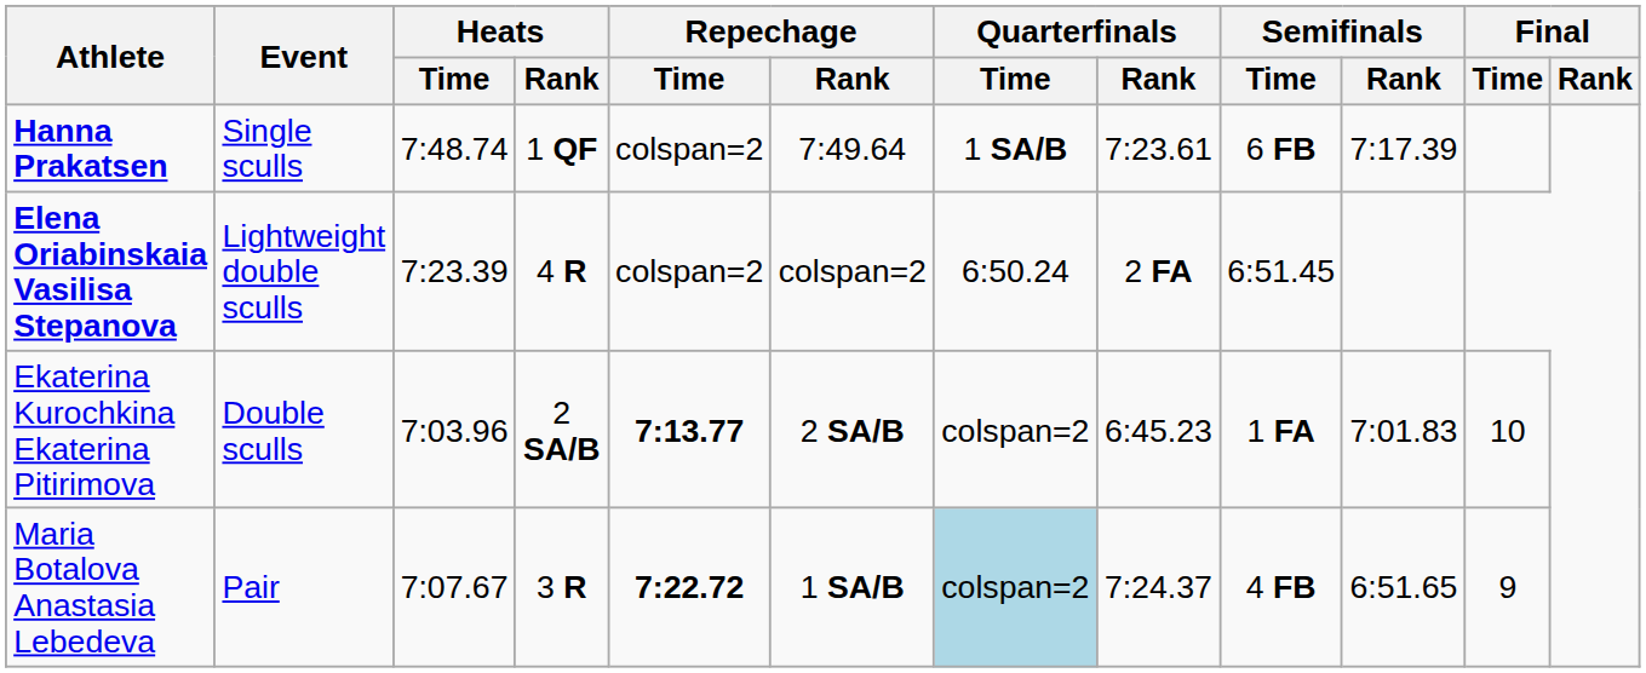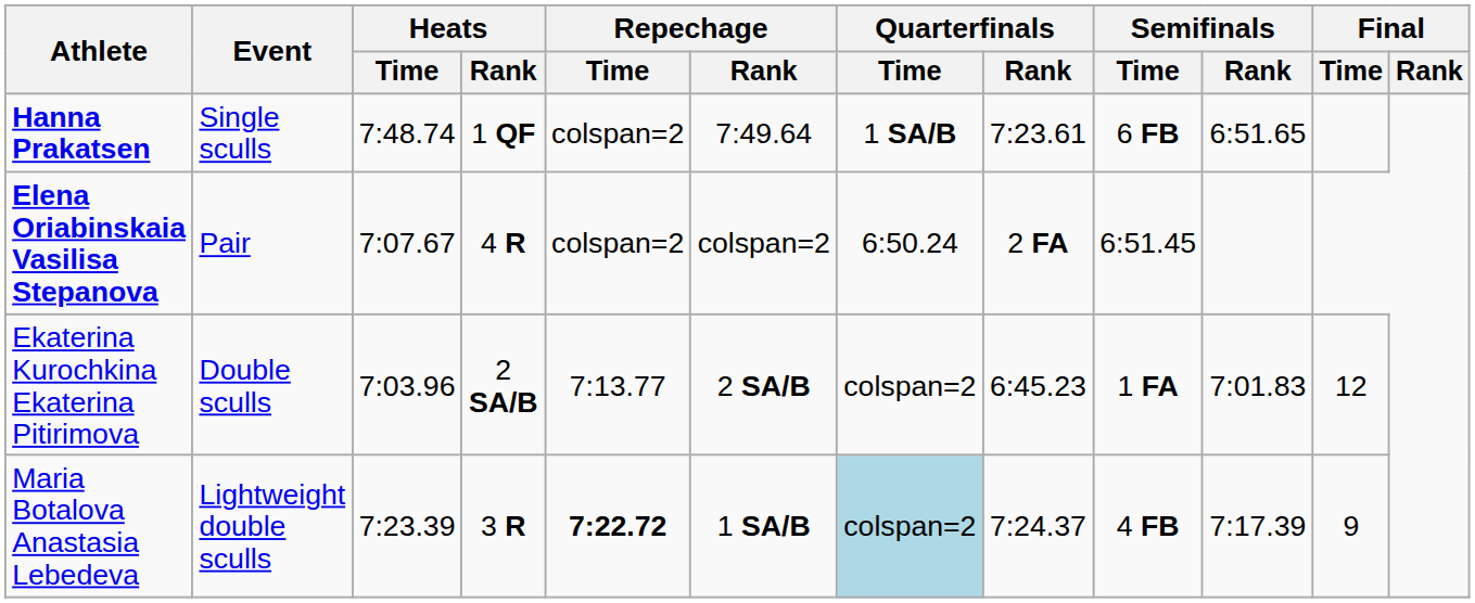 <table class="wikitable" style="text-align:center; font-size:90%">
 <tr>
 <th rowspan=2>Athlete</th>
 <th rowspan=2>Event</th>
 <th colspan=2>Heats</th>
 <th colspan=2>Repechage</th>
 <th colspan=2>Quarterfinals</th>
 <th colspan=2>Semifinals</th>
 <th colspan=2>Final</th>
 </tr>
 <tr style="font-size:95%">
 <th>Time</th>
 <th>Rank</th>
 <th>Time</th>
 <th>Rank</th>
 <th>Time</th>
 <th>Rank</th>
 <th>Time</th>
 <th>Rank</th>
 <th>Time</th>
 <th>Rank</th>
 </tr>
 <tr>
 <td align=left><strong><a href='#'>Hanna Prakatsen</a></strong></td>
 <td align=left><a href='#'>Single sculls</a></td>
 <td>7:48.74</td>
 <td>1 <strong>QF</strong></td>
 <td>colspan=2 </td>
 <td>7:49.64</td>
 <td>1 <strong>SA/B</strong></td>
 <td>7:23.61</td>
 <td>6 <strong>FB</strong></td>
-<td>7:17.39</td>
+<td>6:51.65</td>
 <td></td>
 </tr>
 <tr>
 <td align=left><strong><a href='#'>Elena Oriabinskaia</a><br><a href='#'>Vasilisa Stepanova</a></strong></td>
-<td align=left><a href='#'>Lightweight double sculls</a></td>
-<td>7:23.39</td>
+<td align=left><a href='#'>Pair</a></td>
+<td>7:07.67</td>
 <td>4 <strong>R</strong></td>
 <td>colspan=2 </td>
 <td>colspan=2 </td>
 <td>6:50.24</td>
 <td>2 <strong>FA</strong></td>
 <td>6:51.45</td>
 <td></td>
 </tr>
 <tr>
 <td align=left><a href='#'>Ekaterina Kurochkina</a><br><a href='#'>Ekaterina Pitirimova</a></td>
 <td align=left><a href='#'>Double sculls</a></td>
 <td>7:03.96</td>
 <td>2 <strong>SA/B</strong></td>
-<td><strong>7:13.77</strong></td>
+<td>7:13.77</td>
 <td>2 <strong>SA/B</strong></td>
 <td>colspan=2 </td>
 <td>6:45.23</td>
 <td>1 <strong>FA</strong></td>
 <td>7:01.83</td>
-<td>10</td>
+<td>12</td>
 </tr>
 <tr>
 <td align=left><a href='#'>Maria Botalova</a><br><a href='#'>Anastasia Lebedeva</a></td>
-<td align=left><a href='#'>Pair</a></td>
-<td>7:07.67</td>
+<td align=left><a href='#'>Lightweight double sculls</a></td>
+<td>7:23.39</td>
 <td>3 <strong>R</strong></td>
 <td><strong>7:22.72</strong></td>
 <td>1 <strong>SA/B</strong></td>
 <td style="background: lightblue;">colspan=2 </td>
 <td>7:24.37</td>
 <td>4 <strong>FB</strong></td>
-<td>6:51.65</td>
+<td>7:17.39</td>
 <td>9</td>
 </tr>
 </table>
